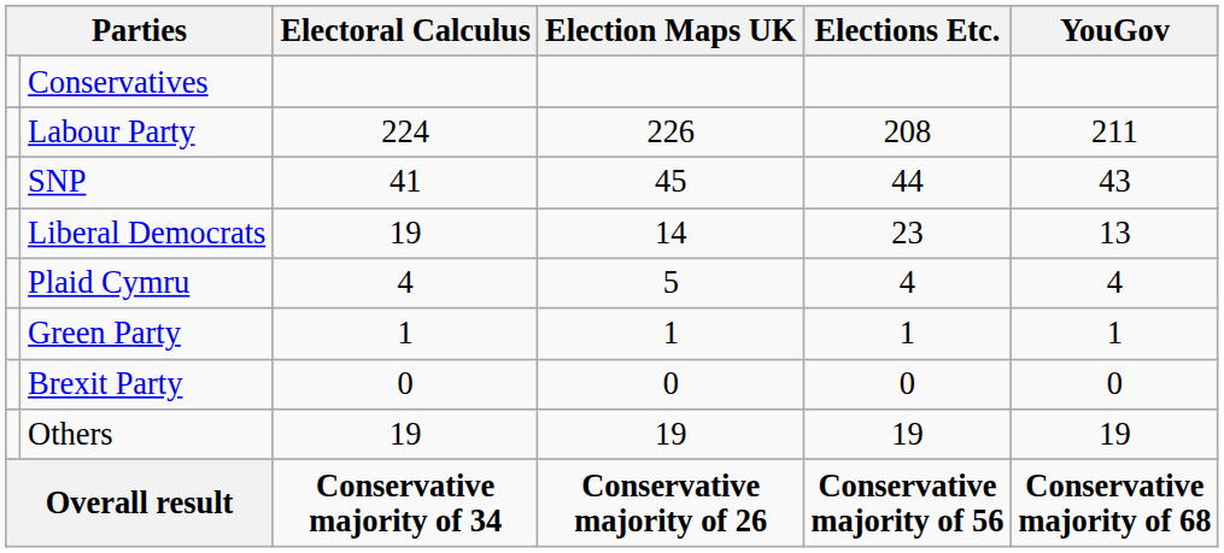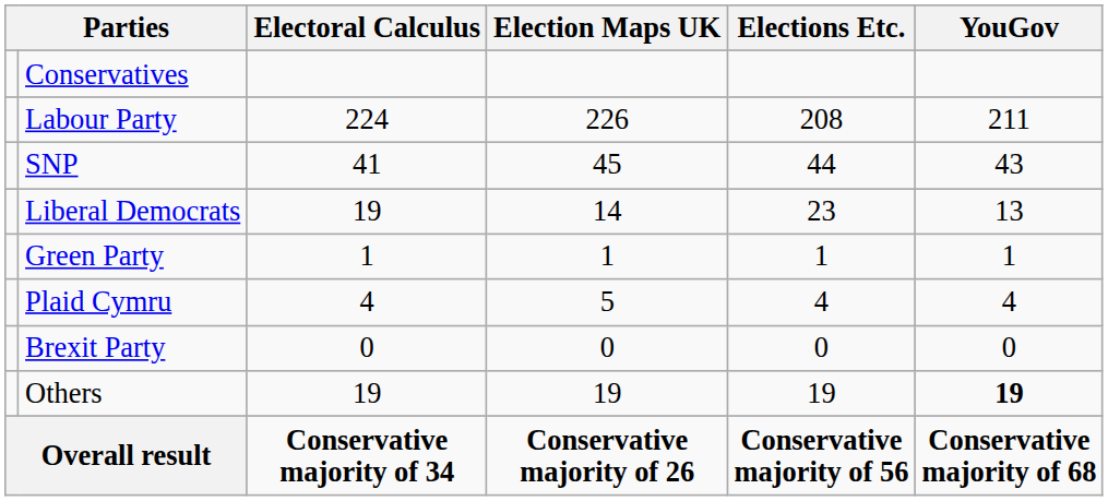 <table class="wikitable"Oddchecker>
 <tr>
 <th colspan="2">Parties</th>
 <th style="vertical-align:top;">Electoral Calculus<br></th>
 <th style="vertical-align:top;">Election Maps UK<br></th>
 <th style="vertical-align:top;">Elections Etc.<br></th>
 <th style="vertical-align:top;">YouGov<br></th>
 </tr>
 <tr>
 <td style="color:inherit;background:"></td>
 <td><a href='#'>Conservatives</a></td>
 <td></td>
 <td></td>
 <td></td>
 <td></td>
 </tr>
 <tr>
 <td style="color:inherit;background:"></td>
 <td><a href='#'>Labour Party</a></td>
 <td style="text-align:center;">224</td>
 <td style="text-align:center;">226</td>
 <td style="text-align:center;">208</td>
 <td style="text-align:center;">211</td>
 </tr>
 <tr>
 <td style="color:inherit;background:"></td>
 <td><a href='#'>SNP</a></td>
 <td style="text-align:center;">41</td>
 <td style="text-align:center;">45</td>
 <td style="text-align:center;">44</td>
 <td style="text-align:center;">43</td>
 </tr>
 <tr>
 <td style="color:inherit;background:"></td>
 <td><a href='#'>Liberal Democrats</a></td>
 <td style="text-align:center;">19</td>
 <td style="text-align:center;">14</td>
 <td style="text-align:center;">23</td>
 <td style="text-align:center;">13</td>
 </tr>
 <tr>
 <td style="color:inherit;background:"></td>
+<td><a href='#'>Green Party</a></td>
+<td style="text-align:center;">1</td>
+<td style="text-align:center;">1</td>
+<td style="text-align:center;">1</td>
+<td style="text-align:center;">1</td>
+</tr>
+<tr>
+<td style="color:inherit;background:"></td>
 <td><a href='#'>Plaid Cymru</a></td>
 <td style="text-align:center;">4</td>
 <td style="text-align:center;">5</td>
 <td style="text-align:center;">4</td>
 <td style="text-align:center;">4</td>
-</tr>
-<tr>
-<td style="color:inherit;background:"></td>
-<td><a href='#'>Green Party</a></td>
-<td style="text-align:center;">1</td>
-<td style="text-align:center;">1</td>
-<td style="text-align:center;">1</td>
-<td style="text-align:center;">1</td>
 </tr>
 <tr>
 <td style="color:inherit;background:"></td>
 <td><a href='#'>Brexit Party</a></td>
 <td style="text-align:center;">0</td>
 <td style="text-align:center;">0</td>
 <td style="text-align:center;">0</td>
 <td style="text-align:center;">0</td>
 </tr>
 <tr>
 <td style="color:inherit;background:"></td>
 <td>Others</td>
 <td style="text-align:center;">19</td>
 <td style="text-align:center;">19</td>
 <td style="text-align:center;">19</td>
-<td style="text-align:center;">19</td>
+<td style="text-align:center;"><strong>19</strong></td>
 </tr>
 <tr>
 <th colspan="2">Overall result</th>
 <td style="text-align:center; background:"><strong>Conservative <br> majority of 34</strong></td>
 <td style="text-align:center; background:"><strong>Conservative <br> majority of 26</strong></td>
 <td style="text-align:center; background:"><strong>Conservative <br> majority of 56</strong></td>
 <td style="text-align:center; background:"><strong>Conservative <br> majority of 68</strong></td>
 </tr>
 </table>
